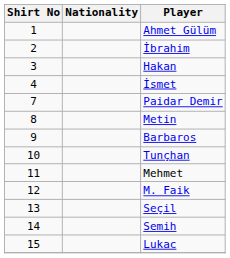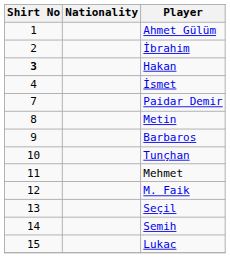 <table class=wikitable style="font-size:95%;">
 <tr>
 <th>Shirt No</th>
 <th>Nationality</th>
 <th>Player</th>
 </tr>
 <tr>
 <td align=center>1</td>
 <td></td>
 <td><a href='#'>Ahmet Gülüm</a></td>
 </tr>
 <tr>
 <td align=center>2</td>
 <td></td>
 <td><a href='#'>İbrahim</a></td>
 </tr>
 <tr>
-<td align=center>3</td>
+<td align=center><strong>3</strong></td>
 <td></td>
 <td><a href='#'>Hakan</a></td>
 </tr>
 <tr>
 <td align=center>4</td>
 <td></td>
 <td><a href='#'>İsmet</a></td>
 </tr>
 <tr>
 <td align=center>7</td>
 <td></td>
 <td><a href='#'>Paidar Demir</a></td>
 </tr>
 <tr>
 <td align=center>8</td>
 <td></td>
 <td><a href='#'>Metin</a></td>
 </tr>
 <tr>
 <td align=center>9</td>
 <td></td>
 <td><a href='#'>Barbaros</a></td>
 </tr>
 <tr>
 <td align=center>10</td>
 <td></td>
 <td><a href='#'>Tunçhan</a></td>
 </tr>
 <tr>
 <td align=center>11</td>
 <td></td>
 <td>Mehmet</td>
 </tr>
 <tr>
 <td align=center>12</td>
 <td></td>
 <td><a href='#'>M. Faik</a></td>
 </tr>
 <tr>
 <td align=center>13</td>
 <td></td>
 <td><a href='#'>Seçil</a></td>
 </tr>
 <tr>
 <td align=center>14</td>
 <td></td>
 <td><a href='#'>Semih</a></td>
 </tr>
 <tr>
 <td align=center>15</td>
 <td></td>
 <td><a href='#'>Lukac</a></td>
 </tr>
 <tr>
 </tr>
 </table>
